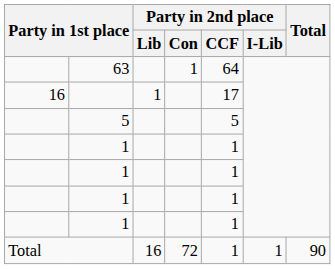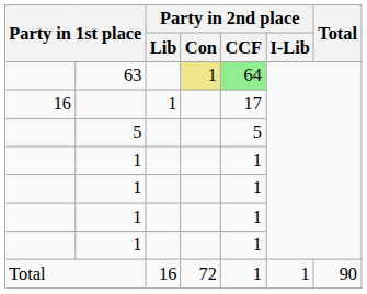 <table class="wikitable" style="text-align:right;">
 <tr>
 <th rowspan="2" colspan="2" style="text-align:left;">Party in 1st place</th>
 <th colspan="4">Party in 2nd place</th>
 <th rowspan="2">Total</th>
 </tr>
 <tr>
 <th>Lib</th>
 <th>Con</th>
 <th>CCF</th>
 <th>I-Lib</th>
 </tr>
 <tr>
 <td></td>
 <td>63</td>
 <td></td>
-<td>1</td>
-<td>64</td>
+<td style="background: khaki;">1</td>
+<td style="background: lightgreen;">64</td>
 </tr>
 <tr>
 <td>16</td>
 <td></td>
 <td>1</td>
 <td></td>
 <td>17</td>
 </tr>
 <tr>
 <td></td>
 <td>5</td>
 <td></td>
 <td></td>
 <td>5</td>
 </tr>
 <tr>
 <td></td>
 <td>1</td>
 <td></td>
 <td></td>
 <td>1</td>
 </tr>
 <tr>
 <td></td>
 <td>1</td>
 <td></td>
 <td></td>
 <td>1</td>
 </tr>
 <tr>
 <td></td>
 <td>1</td>
 <td></td>
 <td></td>
 <td>1</td>
 </tr>
 <tr>
 <td></td>
 <td>1</td>
 <td></td>
 <td></td>
 <td>1</td>
 </tr>
 <tr>
 <td colspan="2" style="text-align:left;">Total</td>
 <td>16</td>
 <td>72</td>
 <td>1</td>
 <td>1</td>
 <td>90</td>
 </tr>
 </table>
